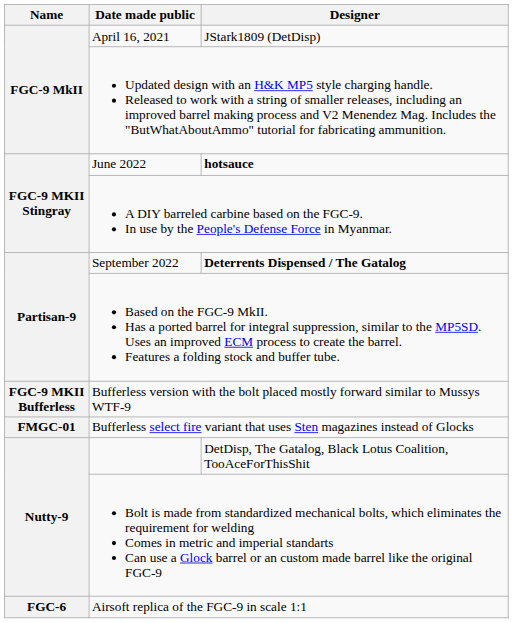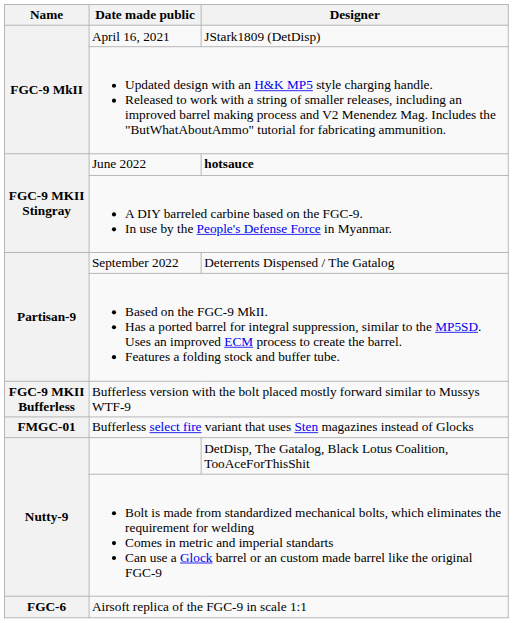 <table class="wikitable sortable" style="text-align: left;">
 <tr>
 <th>Name</th>
 <th>Date made public</th>
 <th>Designer</th>
 </tr>
 <tr>
 <th rowspan="2">FGC-9 MkII</th>
 <td>April 16, 2021</td>
 <td>JStark1809 (DetDisp)</td>
 </tr>
 <tr>
 <td colspan="2"><br><ul><li>Updated design with an <a href='#'>H&K MP5</a> style charging handle.</li><li>Released to work with a string of smaller releases, including an improved barrel making process and V2 Menendez Mag. Includes the "ButWhatAboutAmmo" tutorial for fabricating ammunition.</li></ul></td>
 </tr>
 <tr>
 <th rowspan="2">FGC-9 <strong>MKII</strong> Stingray</th>
 <td>June 2022</td>
 <td><strong>hotsauce</strong></td>
 </tr>
 <tr>
 <td colspan="2"><br><ul><li>A DIY  barreled carbine based on the FGC-9.</li><li>In use by the <a href='#'>People's Defense Force</a> in Myanmar.</li></ul></td>
 </tr>
 <tr>
 <th rowspan="2">Partisan-9</th>
 <td>September 2022</td>
-<td><strong>Deterrents Dispensed / The Gatalog</strong></td>
+<td>Deterrents Dispensed / The Gatalog</td>
 </tr>
 <tr>
 <td colspan="2"><br><ul><li>Based on the FGC-9 MkII.</li><li>Has a ported barrel for integral suppression, similar to the <a href='#'>MP5SD</a>. Uses an improved <a href='#'>ECM</a> process to create the barrel.</li><li>Features a folding stock and buffer tube.</li></ul></td>
 </tr>
 <tr>
 <th><strong>FGC-9 MKII Bufferless</strong></th>
 <td colspan="2">Bufferless version with the bolt placed mostly forward similar to Mussys WTF-9</td>
 </tr>
 <tr>
 <th><strong>FMGC-01</strong></th>
 <td colspan="2">Bufferless <a href='#'>select fire</a> variant that uses <a href='#'>Sten</a> magazines instead of Glocks</td>
 </tr>
 <tr>
 <th rowspan="2">Nutty-9</th>
 <td></td>
 <td>DetDisp, The Gatalog, Black Lotus Coalition, TooAceForThisShit</td>
 </tr>
 <tr>
 <td colspan="2"><br><ul><li>Bolt is made from standardized mechanical bolts, which eliminates the requirement for welding</li><li>Comes in metric and imperial standarts</li><li>Can use a <a href='#'>Glock</a> barrel or an custom made barrel like the original FGC-9</li></ul></td>
 </tr>
 <tr>
 <th>FGC-6</th>
 <td colspan="2">Airsoft replica of the FGC-9 in scale 1:1</td>
 </tr>
 </table>
